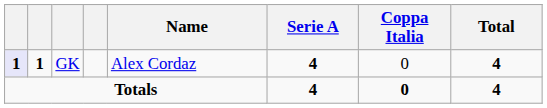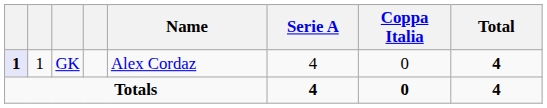 <table class="wikitable" style="text-align:center">
 <tr>
 <th width=15></th>
 <th width=15></th>
 <th width=15></th>
 <th width=15></th>
 <th width=145>Name</th>
 <th width=80><a href='#'>Serie A</a></th>
 <th width=80><a href='#'>Coppa Italia</a></th>
 <th width=80>Total</th>
 </tr>
 <tr>
 <td style="background: lavender;"><strong>1</strong></td>
-<td><strong>1</strong></td>
+<td>1</td>
 <td><a href='#'>GK</a></td>
 <td></td>
 <td align=left><a href='#'>Alex Cordaz</a></td>
-<td><strong>4</strong></td>
+<td>4</td>
 <td>0</td>
 <td><strong>4</strong></td>
 </tr>
 <tr>
 <td colspan=5><strong>Totals</strong></td>
 <td><strong>4</strong></td>
 <td><strong>0</strong></td>
 <td><strong>4</strong></td>
 </tr>
 </table>
